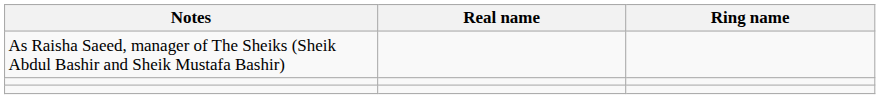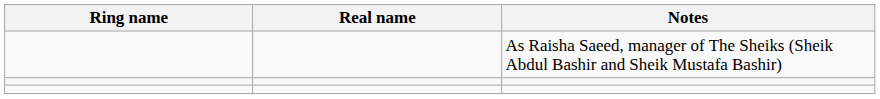 <table class="wikitable sortable" align="left center" width="65%">
 <tr>
+<th width="20%">Ring name</th>
+<th width="20%">Real name</th>
 <th width="30%">Notes</th>
-<th width="20%">Real name</th>
-<th width="20%">Ring name</th>
 </tr>
 <tr>
-<td>As Raisha Saeed, manager of The Sheiks (Sheik Abdul Bashir and Sheik Mustafa Bashir)</td>
 <td></td>
 <td></td>
+<td>As Raisha Saeed, manager of The Sheiks (Sheik Abdul Bashir and Sheik Mustafa Bashir)</td>
 </tr>
 <tr>
 <td></td>
 <td></td>
 <td></td>
 </tr>
 <tr>
 <td></td>
 <td></td>
 <td></td>
 </tr>
 </table>
